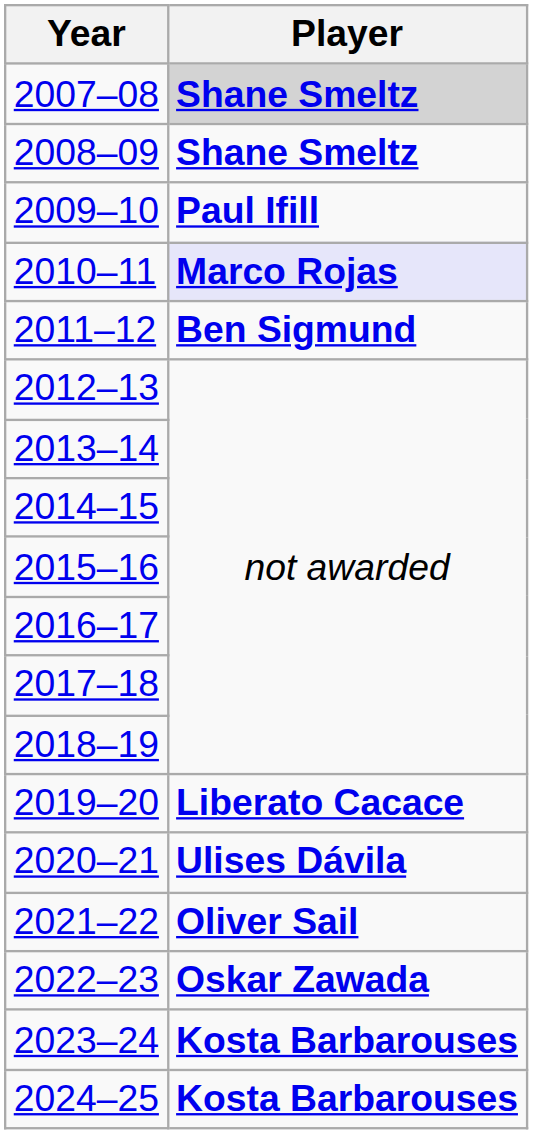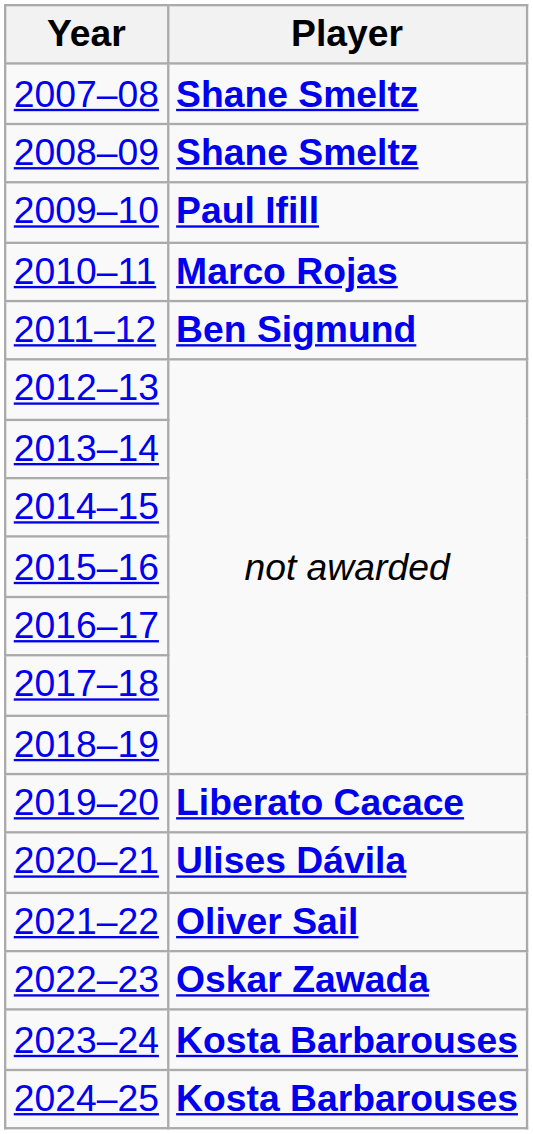 <table class="wikitable" border="1">
 <tr>
 <th>Year</th>
 <th>Player</th>
 </tr>
 <tr>
 <td><a href='#'>2007–08</a></td>
-<td style="background: lightgrey; text-align:left;"> <strong><a href='#'>Shane Smeltz</a></strong></td>
+<td style="text-align:left;"> <strong><a href='#'>Shane Smeltz</a></strong></td>
 </tr>
 <tr>
 <td><a href='#'>2008–09</a></td>
 <td style="text-align:left;"> <strong><a href='#'>Shane Smeltz</a></strong></td>
 </tr>
 <tr>
 <td><a href='#'>2009–10</a></td>
 <td style="text-align:left;"> <strong><a href='#'>Paul Ifill</a></strong></td>
 </tr>
 <tr>
 <td><a href='#'>2010–11</a></td>
-<td style="background: lavender; text-align:left;"> <strong><a href='#'>Marco Rojas</a></strong></td>
+<td style="text-align:left;"> <strong><a href='#'>Marco Rojas</a></strong></td>
 </tr>
 <tr>
 <td><a href='#'>2011–12</a></td>
 <td style="text-align:left;"> <strong><a href='#'>Ben Sigmund</a></strong></td>
 </tr>
 <tr>
 <td><a href='#'>2012–13</a></td>
 <td rowspan="7" align="center"><em>not awarded</em></td>
 </tr>
 <tr>
 <td><a href='#'>2013–14</a></td>
 </tr>
 <tr>
 <td><a href='#'>2014–15</a></td>
 </tr>
 <tr>
 <td><a href='#'>2015–16</a></td>
 </tr>
 <tr>
 <td><a href='#'>2016–17</a></td>
 </tr>
 <tr>
 <td><a href='#'>2017–18</a></td>
 </tr>
 <tr>
 <td><a href='#'>2018–19</a></td>
 </tr>
 <tr>
 <td><a href='#'>2019–20</a></td>
 <td style="text-align:left;"> <strong><a href='#'>Liberato Cacace</a></strong></td>
 </tr>
 <tr>
 <td><a href='#'>2020–21</a></td>
 <td style="text-align:left;"> <strong><a href='#'>Ulises Dávila</a></strong></td>
 </tr>
 <tr>
 <td><a href='#'>2021–22</a></td>
 <td style="text-align:left;"> <strong><a href='#'>Oliver Sail</a></strong></td>
 </tr>
 <tr>
 <td><a href='#'>2022–23</a></td>
 <td style="text-align:left;"> <strong><a href='#'>Oskar Zawada</a></strong></td>
 </tr>
 <tr>
 <td><a href='#'>2023–24</a></td>
 <td> <strong><a href='#'>Kosta Barbarouses</a></strong></td>
 </tr>
 <tr>
 <td><a href='#'>2024–25</a></td>
 <td> <strong><a href='#'>Kosta Barbarouses</a></strong></td>
 </tr>
 </table>
